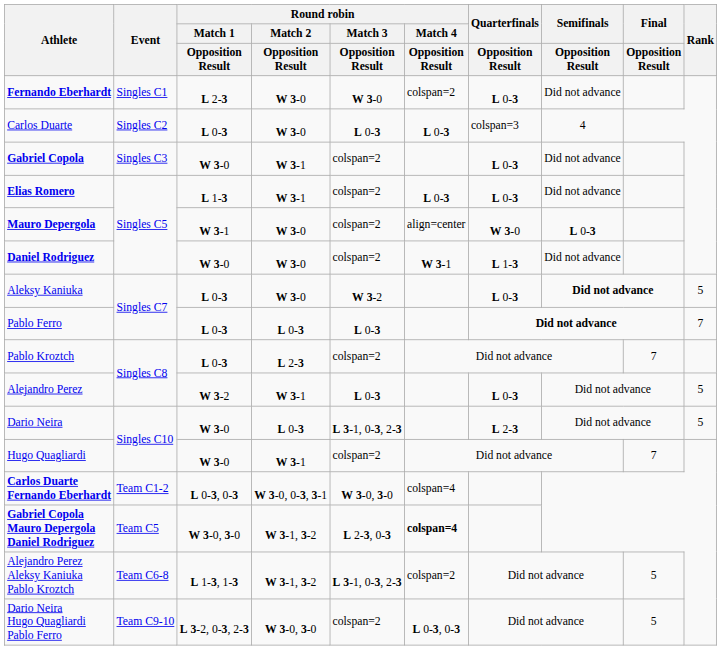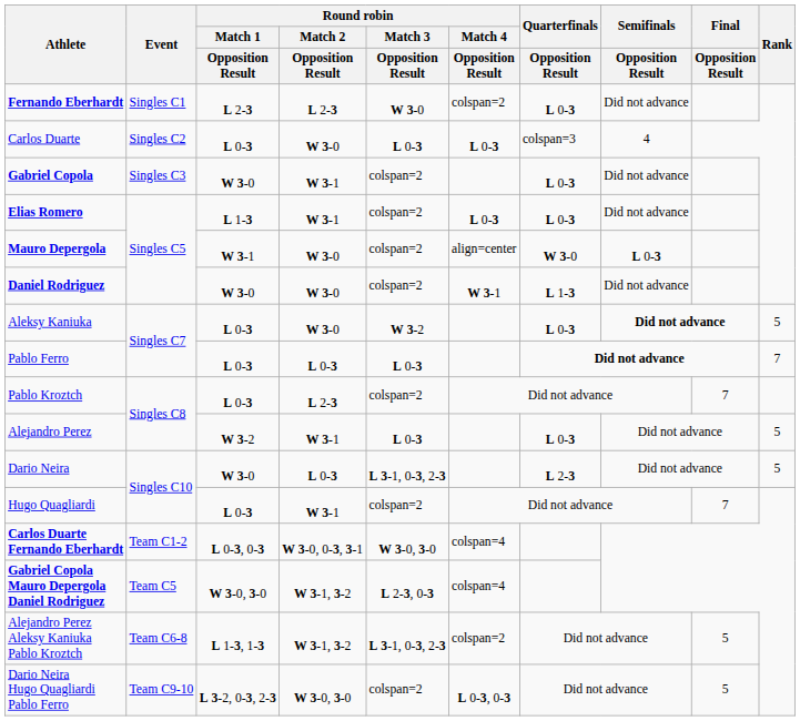 <table class="wikitable" border="1" style="font-size:90%">
 <tr>
 <th rowspan=3>Athlete</th>
 <th rowspan=3>Event</th>
 <th colspan=4>Round robin</th>
 <th rowspan=2>Quarterfinals</th>
 <th rowspan=2>Semifinals</th>
 <th rowspan=2>Final</th>
 <th rowspan=3>Rank</th>
 </tr>
 <tr>
 <th>Match 1</th>
 <th>Match 2</th>
 <th>Match 3</th>
 <th>Match 4</th>
 </tr>
 <tr>
 <th>Opposition<br>Result</th>
 <th>Opposition<br>Result</th>
 <th>Opposition<br>Result</th>
 <th>Opposition<br>Result</th>
 <th>Opposition<br>Result</th>
 <th>Opposition<br>Result</th>
 <th>Opposition<br>Result</th>
 </tr>
 <tr>
 <td><strong><a href='#'>Fernando Eberhardt</a></strong></td>
 <td><a href='#'>Singles C1</a></td>
 <td align=center><br><strong>L</strong> 2-<strong>3</strong></td>
-<td align=center><br><strong>W</strong> <strong>3</strong>-0</td>
+<td align=center><br><strong>L</strong> 2-<strong>3</strong></td>
 <td align=center><br><strong>W</strong> <strong>3</strong>-0</td>
 <td>colspan=2 </td>
 <td align=center><br><strong>L</strong> 0-<strong>3</strong></td>
 <td align=center>Did not advance</td>
 <td align=center></td>
 </tr>
 <tr>
 <td><a href='#'>Carlos Duarte</a></td>
 <td><a href='#'>Singles C2</a></td>
 <td align=center><br><strong>L</strong> 0-<strong>3</strong></td>
 <td align=center><br><strong>W</strong> <strong>3</strong>-0</td>
 <td align=center><br><strong>L</strong> 0-<strong>3</strong></td>
 <td align=center><br><strong>L</strong> 0-<strong>3</strong></td>
 <td>colspan=3 </td>
 <td align=center>4</td>
 </tr>
 <tr>
 <td><strong><a href='#'>Gabriel Copola</a></strong></td>
 <td><a href='#'>Singles C3</a></td>
 <td align=center><br><strong>W</strong> <strong>3</strong>-0</td>
 <td align=center><br><strong>W</strong> <strong>3</strong>-1</td>
 <td>colspan=2 </td>
 <td></td>
 <td align=center><br><strong>L</strong> 0-<strong>3</strong></td>
 <td align=center>Did not advance</td>
 <td align=center></td>
 </tr>
 <tr>
 <td><strong><a href='#'>Elias Romero</a></strong></td>
 <td rowspan=3><a href='#'>Singles C5</a></td>
 <td align=center><br><strong>L</strong> 1-<strong>3</strong></td>
 <td align=center><br><strong>W</strong> <strong>3</strong>-1</td>
 <td>colspan=2 </td>
 <td align=center><br><strong>L</strong> 0-<strong>3</strong></td>
 <td align=center><br><strong>L</strong> 0-<strong>3</strong></td>
 <td align=center>Did not advance</td>
 <td align=center></td>
 </tr>
 <tr>
 <td><strong><a href='#'>Mauro Depergola</a></strong></td>
 <td align=center><br><strong>W</strong> <strong>3</strong>-1</td>
 <td align=center><br><strong>W</strong> <strong>3</strong>-0</td>
 <td>colspan=2 </td>
 <td>align=center </td>
 <td align=center><br><strong>W</strong> <strong>3</strong>-0</td>
 <td align=center><br><strong>L</strong> 0-<strong>3</strong></td>
 <td align=center></td>
 </tr>
 <tr>
 <td><strong><a href='#'>Daniel Rodriguez</a></strong></td>
 <td align=center><br><strong>W</strong> <strong>3</strong>-0</td>
 <td align=center><br><strong>W</strong> <strong>3</strong>-0</td>
 <td>colspan=2 </td>
 <td align=center><br><strong>W</strong> <strong>3</strong>-1</td>
 <td align=center><br><strong>L</strong> 1-<strong>3</strong></td>
 <td align=center>Did not advance</td>
 <td align=center></td>
 </tr>
 <tr>
 <td><a href='#'>Aleksy Kaniuka</a></td>
 <td rowspan=2><a href='#'>Singles C7</a></td>
 <td align=center><br><strong>L</strong> 0-<strong>3</strong></td>
 <td align=center><br><strong>W</strong> <strong>3</strong>-0</td>
 <td align=center><br><strong>W</strong> <strong>3</strong>-2</td>
 <td></td>
 <td align=center><br><strong>L</strong> 0-<strong>3</strong></td>
 <td align=center colspan=2><strong>Did not advance</strong></td>
 <td align=center>5</td>
 </tr>
 <tr>
 <td><a href='#'>Pablo Ferro</a></td>
 <td align=center><br><strong>L</strong> 0-<strong>3</strong></td>
 <td align=center><br><strong>L</strong> 0-<strong>3</strong></td>
 <td align=center><br><strong>L</strong> 0-<strong>3</strong></td>
 <td></td>
 <td align=center colspan=3><strong>Did not advance</strong></td>
 <td align=center>7</td>
 </tr>
 <tr>
 <td><a href='#'>Pablo Kroztch</a></td>
 <td rowspan=2><a href='#'>Singles C8</a></td>
 <td align=center><br><strong>L</strong> 0-<strong>3</strong></td>
 <td align=center><br><strong>L</strong> 2-<strong>3</strong></td>
 <td>colspan=2 </td>
 <td align=center colspan=3>Did not advance</td>
 <td align=center>7</td>
 </tr>
 <tr>
 <td><a href='#'>Alejandro Perez</a></td>
 <td align=center><br><strong>W</strong> <strong>3</strong>-2</td>
 <td align=center><br><strong>W</strong> <strong>3</strong>-1</td>
 <td align=center><br><strong>L</strong> 0-<strong>3</strong></td>
 <td></td>
 <td align=center><br><strong>L</strong> 0-<strong>3</strong></td>
 <td align=center colspan=2>Did not advance</td>
 <td align=center>5</td>
 </tr>
 <tr>
 <td><a href='#'>Dario Neira</a></td>
 <td rowspan=2><a href='#'>Singles C10</a></td>
 <td align=center><br><strong>W</strong> <strong>3</strong>-0</td>
 <td align=center><br><strong>L</strong> 0-<strong>3</strong></td>
 <td align=center><br><strong>L</strong> <strong>3</strong>-1, 0-<strong>3</strong>, 2-<strong>3</strong></td>
 <td></td>
 <td align=center><br><strong>L</strong> 2-<strong>3</strong></td>
 <td align=center colspan=2>Did not advance</td>
 <td align=center>5</td>
 </tr>
 <tr>
 <td><a href='#'>Hugo Quagliardi</a></td>
-<td align=center><br><strong>W</strong> <strong>3</strong>-0</td>
+<td align=center><br><strong>L</strong> 0-<strong>3</strong></td>
 <td align=center><br><strong>W</strong> <strong>3</strong>-1</td>
 <td>colspan=2 </td>
 <td align=center colspan=3>Did not advance</td>
 <td align=center>7</td>
 </tr>
 <tr>
 <td><strong><a href='#'>Carlos Duarte</a><br><a href='#'>Fernando Eberhardt</a></strong></td>
 <td><a href='#'>Team C1-2</a></td>
 <td align=center><br><strong>L</strong> 0-<strong>3</strong>, 0-<strong>3</strong></td>
 <td align=center><br><strong>W</strong> <strong>3</strong>-0, 0-<strong>3</strong>, <strong>3</strong>-1</td>
 <td align=center><br><strong>W</strong> <strong>3</strong>-0, <strong>3</strong>-0</td>
 <td>colspan=4 </td>
 <td align=center></td>
 </tr>
 <tr>
 <td><strong><a href='#'>Gabriel Copola</a><br><a href='#'>Mauro Depergola</a><br><a href='#'>Daniel Rodriguez</a></strong></td>
 <td><a href='#'>Team C5</a></td>
 <td align=center><br><strong>W</strong> <strong>3</strong>-0, <strong>3</strong>-0</td>
 <td align=center><br><strong>W</strong> <strong>3</strong>-1, <strong>3</strong>-2</td>
 <td align=center><br><strong>L</strong> 2-<strong>3</strong>, 0-<strong>3</strong></td>
-<td><strong>colspan=4 </strong></td>
+<td>colspan=4 </td>
 <td align=center></td>
 </tr>
 <tr>
 <td><a href='#'>Alejandro Perez</a><br><a href='#'>Aleksy Kaniuka</a><br><a href='#'>Pablo Kroztch</a></td>
 <td><a href='#'>Team C6-8</a></td>
 <td align=center><br><strong>L</strong> 1-<strong>3</strong>, 1-<strong>3</strong></td>
 <td align=center><br><strong>W</strong> <strong>3</strong>-1, <strong>3</strong>-2</td>
 <td align=center><br><strong>L</strong> <strong>3</strong>-1, 0-<strong>3</strong>, 2-<strong>3</strong></td>
 <td>colspan=2 </td>
 <td align=center colspan=2>Did not advance</td>
 <td align=center>5</td>
 </tr>
 <tr>
 <td><a href='#'>Dario Neira</a><br><a href='#'>Hugo Quagliardi</a><br><a href='#'>Pablo Ferro</a></td>
 <td><a href='#'>Team C9-10</a></td>
 <td align=center><br><strong>L</strong> <strong>3</strong>-2, 0-<strong>3</strong>, 2-<strong>3</strong></td>
 <td align=center><br><strong>W</strong> <strong>3</strong>-0, <strong>3</strong>-0</td>
 <td>colspan=2 </td>
 <td align=center><br><strong>L</strong> 0-<strong>3</strong>, 0-<strong>3</strong></td>
 <td align=center colspan=2>Did not advance</td>
 <td align=center>5</td>
 </tr>
 </table>
